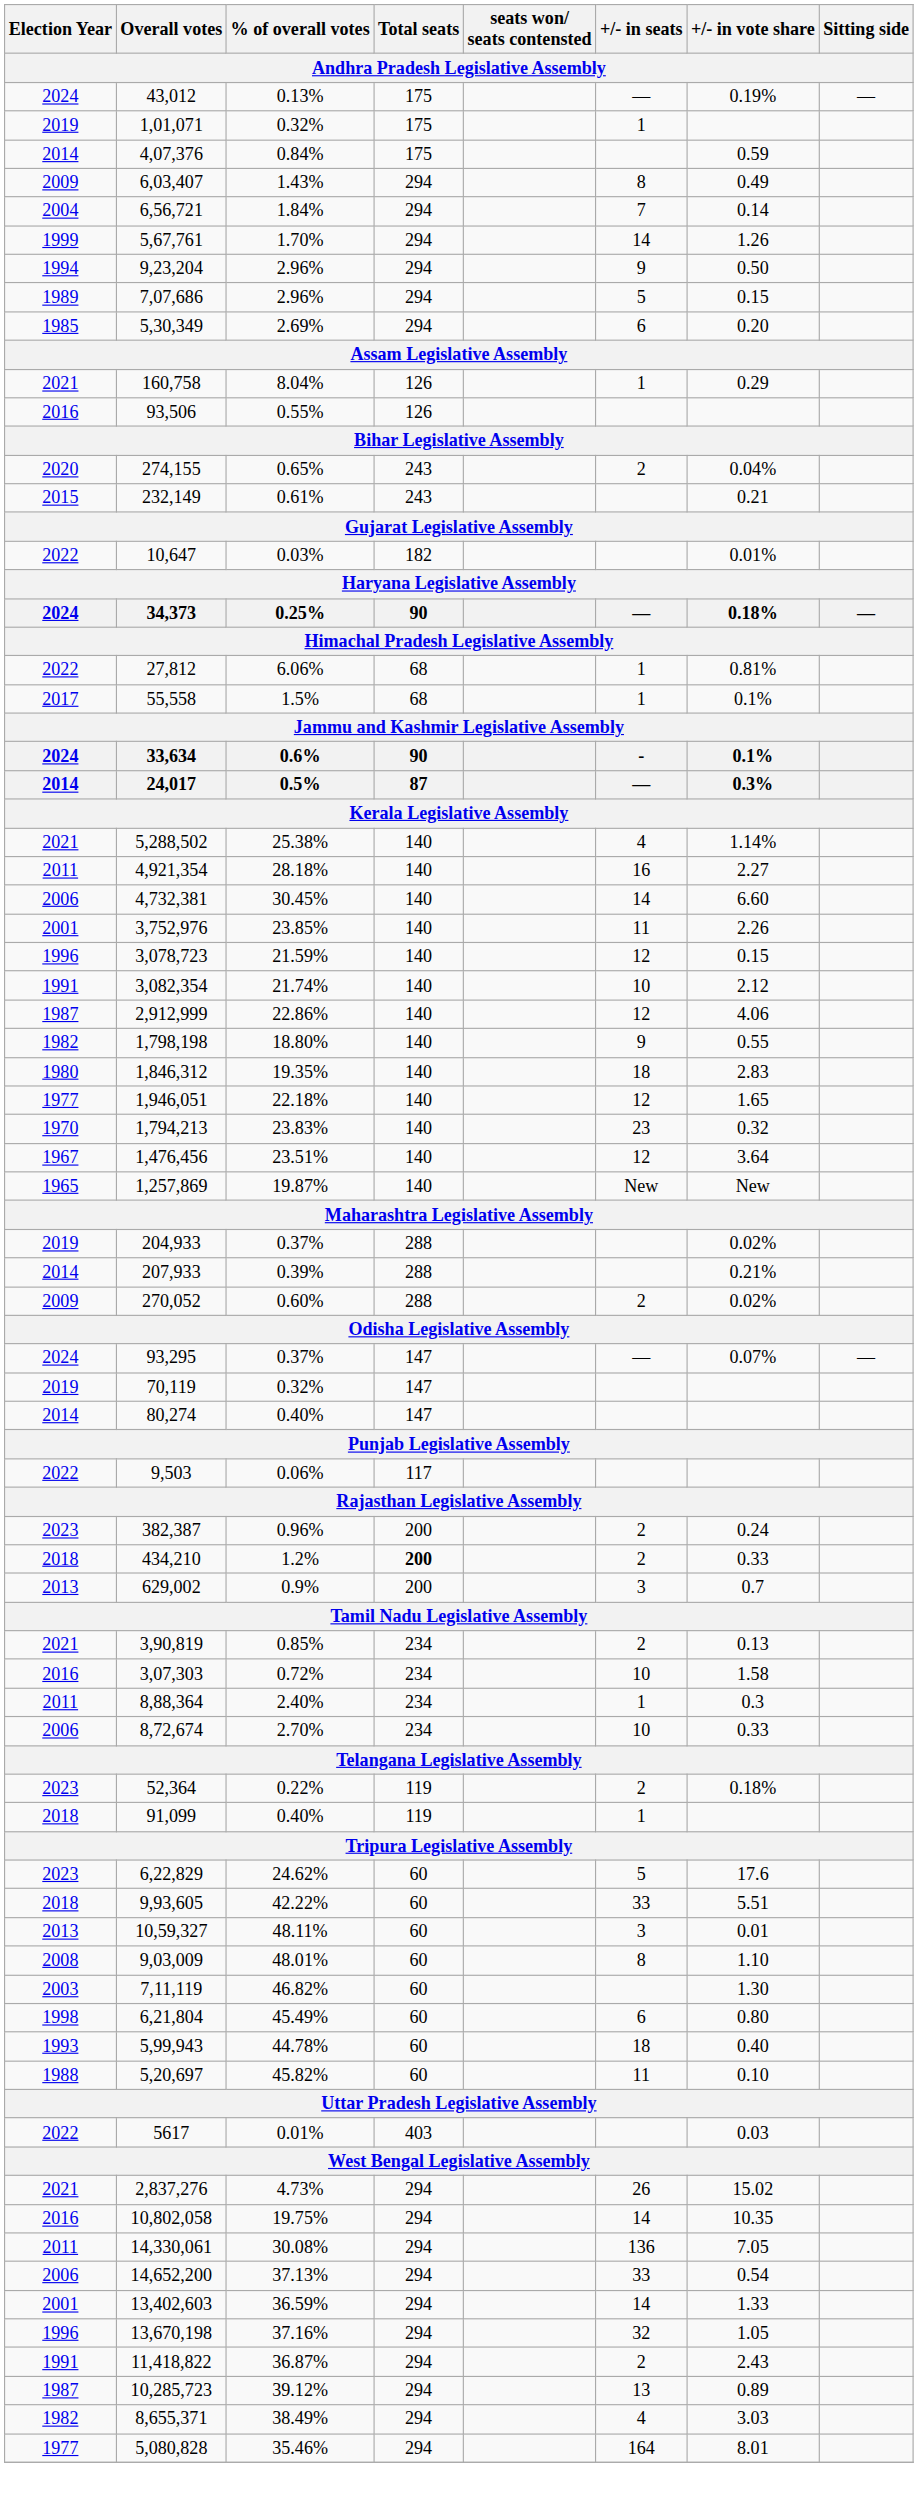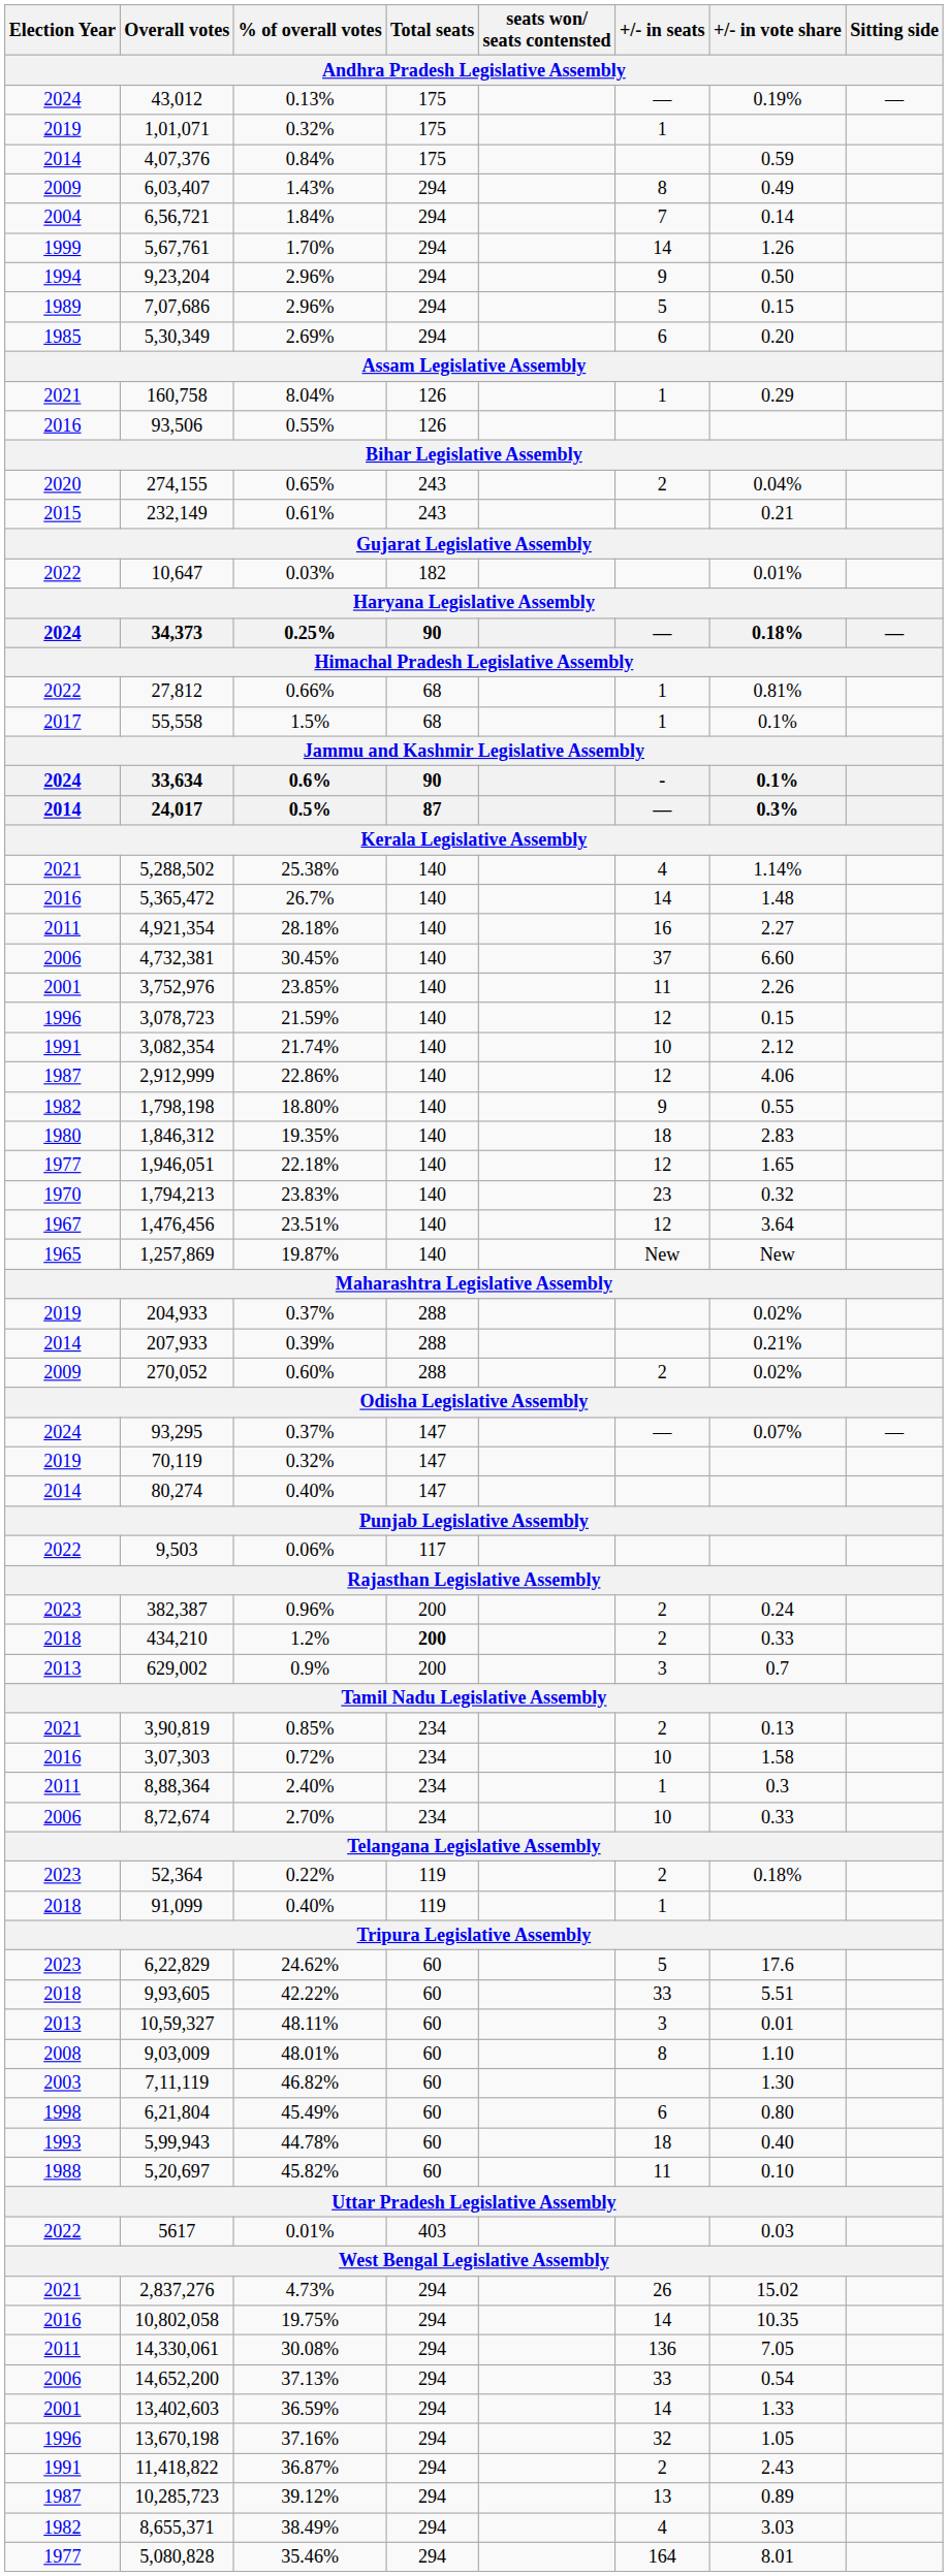 <table class="wikitable" style="text-align:center">
 <tr>
 <th Style="background-color:">Election Year</th>
 <th Style="background-color:">Overall votes</th>
 <th Style="background-color:">% of overall votes</th>
 <th Style="background-color:">Total seats</th>
 <th Style="background-color:">seats won/<br>seats contensted</th>
 <th Style="background-color:">+/- in seats</th>
 <th Style="background-color:">+/- in vote share</th>
 <th Style="background-color:">Sitting side</th>
 </tr>
 <tr>
 <th colspan=8><a href='#'>Andhra Pradesh Legislative Assembly</a></th>
 </tr>
 <tr>
 <td><a href='#'>2024</a></td>
 <td>43,012</td>
 <td>0.13%</td>
 <td>175</td>
 <td></td>
 <td>—</td>
 <td>0.19%</td>
 <td>—</td>
 </tr>
 <tr>
 <td><a href='#'>2019</a><br></td>
 <td>1,01,071</td>
 <td>0.32%</td>
 <td>175</td>
 <td></td>
 <td>1</td>
 <td></td>
 <td></td>
 </tr>
 <tr>
 <td><a href='#'>2014</a><br></td>
 <td>4,07,376</td>
 <td>0.84%</td>
 <td>175</td>
 <td></td>
 <td></td>
 <td>0.59</td>
 <td></td>
 </tr>
 <tr>
 <td><a href='#'>2009</a><br></td>
 <td>6,03,407</td>
 <td>1.43%</td>
 <td>294</td>
 <td></td>
 <td> 8</td>
 <td> 0.49</td>
 <td></td>
 </tr>
 <tr>
 <td><a href='#'>2004</a><br></td>
 <td>6,56,721</td>
 <td>1.84%</td>
 <td>294</td>
 <td></td>
 <td> 7</td>
 <td> 0.14</td>
 <td></td>
 </tr>
 <tr>
 <td><a href='#'>1999</a><br></td>
 <td>5,67,761</td>
 <td>1.70%</td>
 <td>294</td>
 <td></td>
 <td> 14</td>
 <td> 1.26</td>
 <td></td>
 </tr>
 <tr>
 <td><a href='#'>1994</a><br></td>
 <td>9,23,204</td>
 <td>2.96%</td>
 <td>294</td>
 <td></td>
 <td> 9</td>
 <td> 0.50</td>
 <td></td>
 </tr>
 <tr>
 <td><a href='#'>1989</a><br></td>
 <td>7,07,686</td>
 <td>2.96%</td>
 <td>294</td>
 <td></td>
 <td> 5</td>
 <td> 0.15</td>
 <td></td>
 </tr>
 <tr>
 <td><a href='#'>1985</a><br></td>
 <td>5,30,349</td>
 <td>2.69%</td>
 <td>294</td>
 <td></td>
 <td> 6</td>
 <td> 0.20</td>
 <td></td>
 </tr>
 <tr>
 <th colspan=8><a href='#'>Assam Legislative Assembly</a></th>
 </tr>
 <tr>
 <td><a href='#'>2021</a><br></td>
 <td>160,758</td>
 <td>8.04%</td>
 <td>126</td>
 <td></td>
 <td> 1</td>
 <td> 0.29</td>
 <td></td>
 </tr>
 <tr>
 <td><a href='#'>2016</a><br></td>
 <td>93,506</td>
 <td>0.55%</td>
 <td>126</td>
 <td></td>
 <td></td>
 <td></td>
 <td></td>
 </tr>
 <tr>
 <th colspan=8><a href='#'>Bihar Legislative Assembly</a></th>
 </tr>
 <tr>
 <td><a href='#'>2020</a><br></td>
 <td>274,155</td>
 <td>0.65%</td>
 <td>243</td>
 <td></td>
 <td> 2</td>
 <td>0.04%</td>
 <td></td>
 </tr>
 <tr>
 <td><a href='#'>2015</a><br></td>
 <td>232,149</td>
 <td>0.61%</td>
 <td>243</td>
 <td></td>
 <td></td>
 <td> 0.21</td>
 <td></td>
 </tr>
 <tr>
 <th colspan=8><a href='#'>Gujarat Legislative Assembly</a></th>
 </tr>
 <tr>
 <td><a href='#'>2022</a><br></td>
 <td>10,647</td>
 <td>0.03%</td>
 <td>182</td>
 <td></td>
 <td></td>
 <td> 0.01%</td>
 <td></td>
 </tr>
 <tr>
 <th colspan="8"><a href='#'>Haryana Legislative Assembly</a></th>
 </tr>
 <tr>
 <th><a href='#'>2024</a></th>
 <th>34,373</th>
 <th>0.25%</th>
 <th>90</th>
 <th></th>
 <th>—</th>
 <th>0.18%</th>
 <th>—</th>
 </tr>
 <tr>
 <th colspan=8><a href='#'>Himachal Pradesh Legislative Assembly</a></th>
 </tr>
 <tr>
 <td><a href='#'>2022</a><br></td>
 <td>27,812</td>
-<td>6.06%</td>
+<td>0.66%</td>
 <td>68</td>
 <td></td>
 <td> 1</td>
 <td> 0.81%</td>
 <td></td>
 </tr>
 <tr>
 <td><a href='#'>2017</a><br></td>
 <td>55,558</td>
 <td>1.5%</td>
 <td>68</td>
 <td></td>
 <td> 1</td>
 <td> 0.1%</td>
 <td></td>
 </tr>
 <tr>
 <th colspan="8"><a href='#'>Jammu and Kashmir Legislative Assembly</a></th>
 </tr>
 <tr>
 <th><a href='#'>2024</a></th>
 <th>33,634</th>
 <th>0.6%</th>
 <th>90</th>
 <th></th>
 <th>-</th>
 <th>0.1%</th>
 <th></th>
 </tr>
 <tr>
 <th><a href='#'>2014</a></th>
 <th>24,017</th>
 <th>0.5%</th>
 <th>87</th>
 <th></th>
 <th>—</th>
 <th>0.3%</th>
 <th></th>
 </tr>
 <tr>
 <th colspan=8><a href='#'>Kerala Legislative Assembly</a></th>
 </tr>
 <tr>
 <td><a href='#'>2021</a><br></td>
 <td>5,288,502</td>
 <td>25.38%</td>
 <td>140</td>
 <td></td>
 <td> 4</td>
 <td> 1.14%</td>
 <td></td>
 </tr>
 <tr>
+<td><a href='#'>2016</a><br></td>
+<td>5,365,472</td>
+<td>26.7%</td>
+<td>140</td>
+<td></td>
+<td> 14</td>
+<td> 1.48</td>
+<td></td>
+</tr>
+<tr>
 <td><a href='#'>2011</a><br></td>
 <td>4,921,354</td>
 <td>28.18%</td>
 <td>140</td>
 <td></td>
 <td> 16</td>
 <td> 2.27</td>
 <td></td>
 </tr>
 <tr>
 <td><a href='#'>2006</a><br></td>
 <td>4,732,381</td>
 <td>30.45%</td>
 <td>140</td>
 <td></td>
-<td> 14</td>
+<td> 37</td>
 <td> 6.60</td>
 <td></td>
 </tr>
 <tr>
 <td><a href='#'>2001</a><br></td>
 <td>3,752,976</td>
 <td>23.85%</td>
 <td>140</td>
 <td></td>
 <td> 11</td>
 <td> 2.26</td>
 <td></td>
 </tr>
 <tr>
 <td><a href='#'>1996</a><br></td>
 <td>3,078,723</td>
 <td>21.59%</td>
 <td>140</td>
 <td></td>
 <td> 12</td>
 <td> 0.15</td>
 <td></td>
 </tr>
 <tr>
 <td><a href='#'>1991</a><br></td>
 <td>3,082,354</td>
 <td>21.74%</td>
 <td>140</td>
 <td></td>
 <td> 10</td>
 <td> 2.12</td>
 <td></td>
 </tr>
 <tr>
 <td><a href='#'>1987</a><br></td>
 <td>2,912,999</td>
 <td>22.86%</td>
 <td>140</td>
 <td></td>
 <td> 12</td>
 <td> 4.06</td>
 <td></td>
 </tr>
 <tr>
 <td><a href='#'>1982</a><br></td>
 <td>1,798,198</td>
 <td>18.80%</td>
 <td>140</td>
 <td></td>
 <td> 9</td>
 <td> 0.55</td>
 <td></td>
 </tr>
 <tr>
 <td><a href='#'>1980</a><br></td>
 <td>1,846,312</td>
 <td>19.35%</td>
 <td>140</td>
 <td></td>
 <td> 18</td>
 <td> 2.83</td>
 <td></td>
 </tr>
 <tr>
 <td><a href='#'>1977</a><br></td>
 <td>1,946,051</td>
 <td>22.18%</td>
 <td>140</td>
 <td></td>
 <td> 12</td>
 <td> 1.65</td>
 <td></td>
 </tr>
 <tr>
 <td><a href='#'>1970</a><br></td>
 <td>1,794,213</td>
 <td>23.83%</td>
 <td>140</td>
 <td></td>
 <td> 23</td>
 <td> 0.32</td>
 <td></td>
 </tr>
 <tr>
 <td><a href='#'>1967</a><br></td>
 <td>1,476,456</td>
 <td>23.51%</td>
 <td>140</td>
 <td></td>
 <td> 12</td>
 <td> 3.64</td>
 <td></td>
 </tr>
 <tr>
 <td><a href='#'>1965</a><br></td>
 <td>1,257,869</td>
 <td>19.87%</td>
 <td>140</td>
 <td></td>
 <td>New</td>
 <td>New</td>
 <td></td>
 </tr>
 <tr>
 <th colspan=8><a href='#'>Maharashtra Legislative Assembly</a></th>
 </tr>
 <tr>
 <td><a href='#'>2019</a><br></td>
 <td>204,933</td>
 <td>0.37%</td>
 <td>288</td>
 <td></td>
 <td></td>
 <td> 0.02%</td>
 <td></td>
 </tr>
 <tr>
 <td><a href='#'>2014</a><br></td>
 <td>207,933</td>
 <td>0.39%</td>
 <td>288</td>
 <td></td>
 <td></td>
 <td> 0.21%</td>
 <td></td>
 </tr>
 <tr>
 <td><a href='#'>2009</a><br></td>
 <td>270,052</td>
 <td>0.60%</td>
 <td>288</td>
 <td></td>
 <td>2</td>
 <td> 0.02%</td>
 <td></td>
 </tr>
 <tr>
 <th colspan=8><a href='#'>Odisha Legislative Assembly</a></th>
 </tr>
 <tr>
 <td><a href='#'>2024</a></td>
 <td>93,295</td>
 <td>0.37%</td>
 <td>147</td>
 <td></td>
 <td>—</td>
 <td>0.07%</td>
 <td>—</td>
 </tr>
 <tr>
 <td><a href='#'>2019</a><br></td>
 <td>70,119</td>
 <td>0.32%</td>
 <td>147</td>
 <td></td>
 <td></td>
 <td></td>
 <td></td>
 </tr>
 <tr>
 <td><a href='#'>2014</a><br></td>
 <td>80,274</td>
 <td>0.40%</td>
 <td>147</td>
 <td></td>
 <td></td>
 <td></td>
 <td></td>
 </tr>
 <tr>
 <th colspan=8><a href='#'>Punjab Legislative Assembly</a></th>
 </tr>
 <tr>
 <td><a href='#'>2022</a><br></td>
 <td>9,503</td>
 <td>0.06%</td>
 <td>117</td>
 <td></td>
 <td></td>
 <td></td>
 <td></td>
 </tr>
 <tr>
 <th colspan=8><a href='#'>Rajasthan Legislative Assembly</a></th>
 </tr>
 <tr>
 <td><a href='#'>2023</a><br></td>
 <td>382,387</td>
 <td>0.96%</td>
 <td>200</td>
 <td></td>
 <td> 2</td>
 <td> 0.24</td>
 <td></td>
 </tr>
 <tr>
 <td><a href='#'>2018</a><br></td>
 <td>434,210</td>
 <td>1.2%</td>
 <td><strong>200</strong></td>
 <td></td>
 <td> 2</td>
 <td> 0.33</td>
 <td></td>
 </tr>
 <tr>
 <td><a href='#'>2013</a><br></td>
 <td>629,002</td>
 <td>0.9%</td>
 <td>200</td>
 <td></td>
 <td> 3</td>
 <td> 0.7</td>
 <td></td>
 </tr>
 <tr>
 <th colspan=8><a href='#'>Tamil Nadu Legislative Assembly</a></th>
 </tr>
 <tr>
 <td><a href='#'>2021</a><br></td>
 <td>3,90,819</td>
 <td>0.85%</td>
 <td>234</td>
 <td></td>
 <td> 2</td>
 <td> 0.13</td>
 <td></td>
 </tr>
 <tr>
 <td><a href='#'>2016</a><br></td>
 <td>3,07,303</td>
 <td>0.72%</td>
 <td>234</td>
 <td></td>
 <td> 10</td>
 <td> 1.58</td>
 <td></td>
 </tr>
 <tr>
 <td><a href='#'>2011</a><br></td>
 <td>8,88,364</td>
 <td>2.40%</td>
 <td>234</td>
 <td></td>
 <td> 1</td>
 <td> 0.3</td>
 <td></td>
 </tr>
 <tr>
 <td><a href='#'>2006</a><br></td>
 <td>8,72,674</td>
 <td>2.70%</td>
 <td>234</td>
 <td></td>
 <td> 10</td>
 <td> 0.33</td>
 <td></td>
 </tr>
 <tr>
 <th colspan=8><a href='#'>Telangana Legislative Assembly</a></th>
 </tr>
 <tr>
 <td><a href='#'>2023</a><br></td>
 <td>52,364</td>
 <td>0.22%</td>
 <td>119</td>
 <td></td>
 <td> 2</td>
 <td> 0.18%</td>
 <td></td>
 </tr>
 <tr>
 <td><a href='#'>2018</a><br></td>
 <td>91,099</td>
 <td>0.40%</td>
 <td>119</td>
 <td></td>
 <td> 1</td>
 <td></td>
 <td></td>
 </tr>
 <tr>
 <th colspan=8><a href='#'>Tripura Legislative Assembly</a></th>
 </tr>
 <tr>
 <td><a href='#'>2023</a><br></td>
 <td>6,22,829</td>
 <td>24.62%</td>
 <td>60</td>
 <td></td>
 <td> 5</td>
 <td> 17.6</td>
 <td></td>
 </tr>
 <tr>
 <td><a href='#'>2018</a><br></td>
 <td>9,93,605</td>
 <td>42.22%</td>
 <td>60</td>
 <td></td>
 <td> 33</td>
 <td> 5.51</td>
 <td></td>
 </tr>
 <tr>
 <td><a href='#'>2013</a><br></td>
 <td>10,59,327</td>
 <td>48.11%</td>
 <td>60</td>
 <td></td>
 <td> 3</td>
 <td> 0.01</td>
 <td></td>
 </tr>
 <tr>
 <td><a href='#'>2008</a><br></td>
 <td>9,03,009</td>
 <td>48.01%</td>
 <td>60</td>
 <td></td>
 <td> 8</td>
 <td> 1.10</td>
 <td></td>
 </tr>
 <tr>
 <td><a href='#'>2003</a><br></td>
 <td>7,11,119</td>
 <td>46.82%</td>
 <td>60</td>
 <td></td>
 <td></td>
 <td> 1.30</td>
 <td></td>
 </tr>
 <tr>
 <td><a href='#'>1998</a><br></td>
 <td>6,21,804</td>
 <td>45.49%</td>
 <td>60</td>
 <td></td>
 <td> 6</td>
 <td> 0.80</td>
 <td></td>
 </tr>
 <tr>
 <td><a href='#'>1993</a><br></td>
 <td>5,99,943</td>
 <td>44.78%</td>
 <td>60</td>
 <td></td>
 <td> 18</td>
 <td> 0.40</td>
 <td></td>
 </tr>
 <tr>
 <td><a href='#'>1988</a><br></td>
 <td>5,20,697</td>
 <td>45.82%</td>
 <td>60</td>
 <td></td>
 <td> 11</td>
 <td> 0.10</td>
 <td></td>
 </tr>
 <tr>
 <th colspan=8><a href='#'>Uttar Pradesh Legislative Assembly</a></th>
 </tr>
 <tr>
 <td><a href='#'>2022</a><br></td>
 <td>5617</td>
 <td>0.01%</td>
 <td>403</td>
 <td></td>
 <td></td>
 <td> 0.03</td>
 <td></td>
 </tr>
 <tr>
 <th colspan=8><a href='#'>West Bengal Legislative Assembly</a></th>
 </tr>
 <tr>
 <td><a href='#'>2021</a><br></td>
 <td>2,837,276</td>
 <td>4.73%</td>
 <td>294</td>
 <td></td>
 <td> 26</td>
 <td> 15.02</td>
 <td></td>
 </tr>
 <tr>
 <td><a href='#'>2016</a><br></td>
 <td>10,802,058</td>
 <td>19.75%</td>
 <td>294</td>
 <td></td>
 <td> 14</td>
 <td> 10.35</td>
 <td></td>
 </tr>
 <tr>
 <td><a href='#'>2011</a><br></td>
 <td>14,330,061</td>
 <td>30.08%</td>
 <td>294</td>
 <td></td>
 <td> 136</td>
 <td> 7.05</td>
 <td></td>
 </tr>
 <tr>
 <td><a href='#'>2006</a><br></td>
 <td>14,652,200</td>
 <td>37.13%</td>
 <td>294</td>
 <td></td>
 <td> 33</td>
 <td> 0.54</td>
 <td></td>
 </tr>
 <tr>
 <td><a href='#'>2001</a><br></td>
 <td>13,402,603</td>
 <td>36.59%</td>
 <td>294</td>
 <td></td>
 <td> 14</td>
 <td> 1.33</td>
 <td></td>
 </tr>
 <tr>
 <td><a href='#'>1996</a><br></td>
 <td>13,670,198</td>
 <td>37.16%</td>
 <td>294</td>
 <td></td>
 <td> 32</td>
 <td> 1.05</td>
 <td></td>
 </tr>
 <tr>
 <td><a href='#'>1991</a><br></td>
 <td>11,418,822</td>
 <td>36.87%</td>
 <td>294</td>
 <td></td>
 <td> 2</td>
 <td> 2.43</td>
 <td></td>
 </tr>
 <tr>
 <td><a href='#'>1987</a><br></td>
 <td>10,285,723</td>
 <td>39.12%</td>
 <td>294</td>
 <td></td>
 <td> 13</td>
 <td> 0.89</td>
 <td></td>
 </tr>
 <tr>
 <td><a href='#'>1982</a><br></td>
 <td>8,655,371</td>
 <td>38.49%</td>
 <td>294</td>
 <td></td>
 <td> 4</td>
 <td> 3.03</td>
 <td></td>
 </tr>
 <tr>
 <td><a href='#'>1977</a><br></td>
 <td>5,080,828</td>
 <td>35.46%</td>
 <td>294</td>
 <td></td>
 <td> 164</td>
 <td> 8.01</td>
 <td></td>
 </tr>
 <tr>
 </tr>
 </table>
